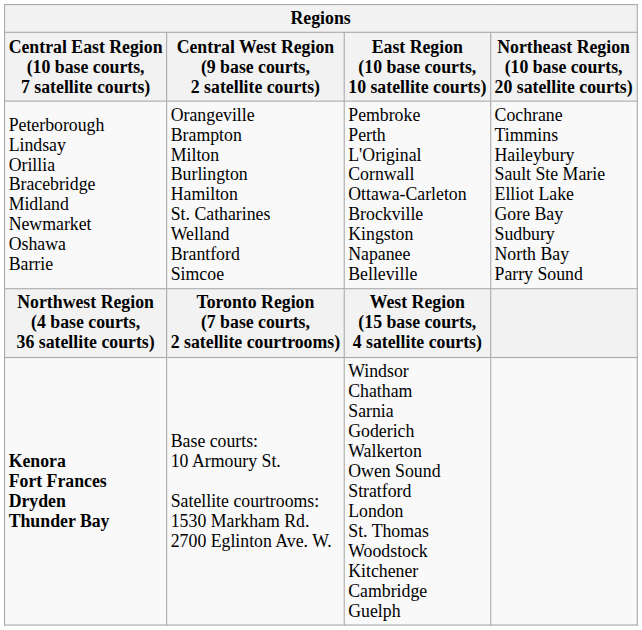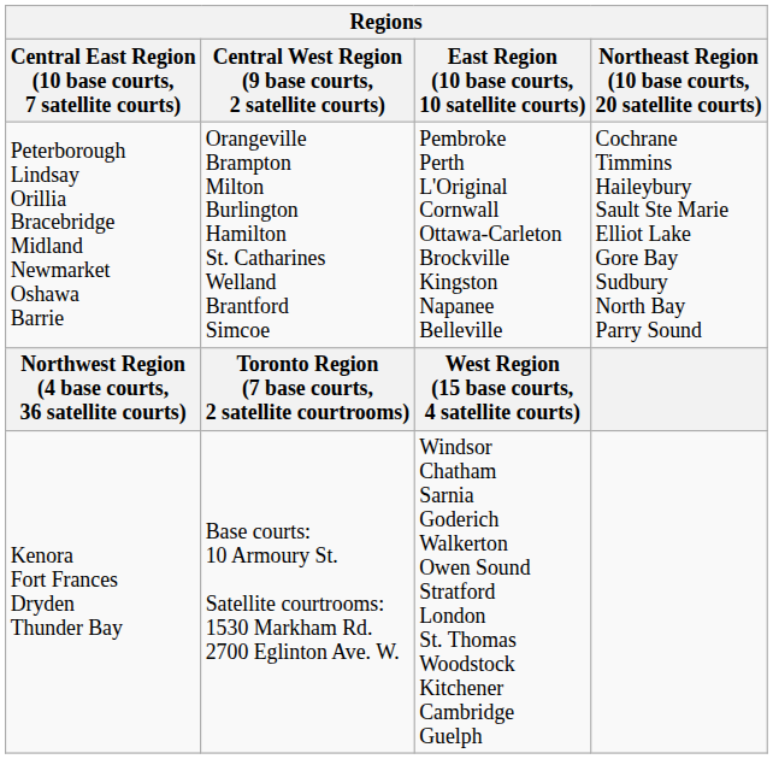 <table class="wikitable">
 <tr>
 <th colspan="5">Regions</th>
 </tr>
 <tr>
 <th>Central East Region <br>(10 base courts,<br> 7 satellite courts)</th>
 <th>Central West Region<br> (9 base courts,<br> 2 satellite courts)</th>
 <th>East Region <br> (10 base courts,<br>10 satellite courts)</th>
 <th>Northeast Region <br>(10 base courts,<br> 20 satellite courts)</th>
 </tr>
 <tr>
 <td>Peterborough<br>Lindsay<br>Orillia<br>Bracebridge<br>Midland<br>Newmarket<br>Oshawa<br>Barrie</td>
 <td>Orangeville<br>Brampton<br>Milton<br>Burlington<br>Hamilton<br>St. Catharines<br>Welland<br>Brantford<br>Simcoe</td>
 <td>Pembroke<br>Perth<br>L'Original<br>Cornwall<br>Ottawa-Carleton<br>Brockville<br>Kingston<br>Napanee<br>Belleville</td>
 <td>Cochrane<br>Timmins<br>Haileybury<br>Sault Ste Marie<br> Elliot Lake<br> Gore Bay<br> Sudbury<br>North Bay <br>Parry Sound</td>
 </tr>
 <tr>
 <th>Northwest Region<br>(4 base courts,<br> 36 satellite courts)</th>
 <th>Toronto Region<br>(7 base courts,<br>2 satellite courtrooms)</th>
 <th>West Region<br>(15 base courts,<br> 4 satellite courts)</th>
 <th></th>
 </tr>
 <tr>
-<td><strong>Kenora<br>Fort Frances<br>Dryden<br>Thunder Bay</strong></td>
+<td>Kenora<br>Fort Frances<br>Dryden<br>Thunder Bay</td>
 <td>Base courts:<br>10 Armoury St.<br><br>Satellite courtrooms:<br>1530 Markham Rd.<br>2700 Eglinton Ave. W.</td>
 <td>Windsor<br>Chatham<br>Sarnia<br>Goderich<br>Walkerton<br>Owen Sound<br>Stratford<br>London<br>St. Thomas<br>Woodstock<br>Kitchener<br>Cambridge<br>Guelph</td>
 <td></td>
 </tr>
 </table>
